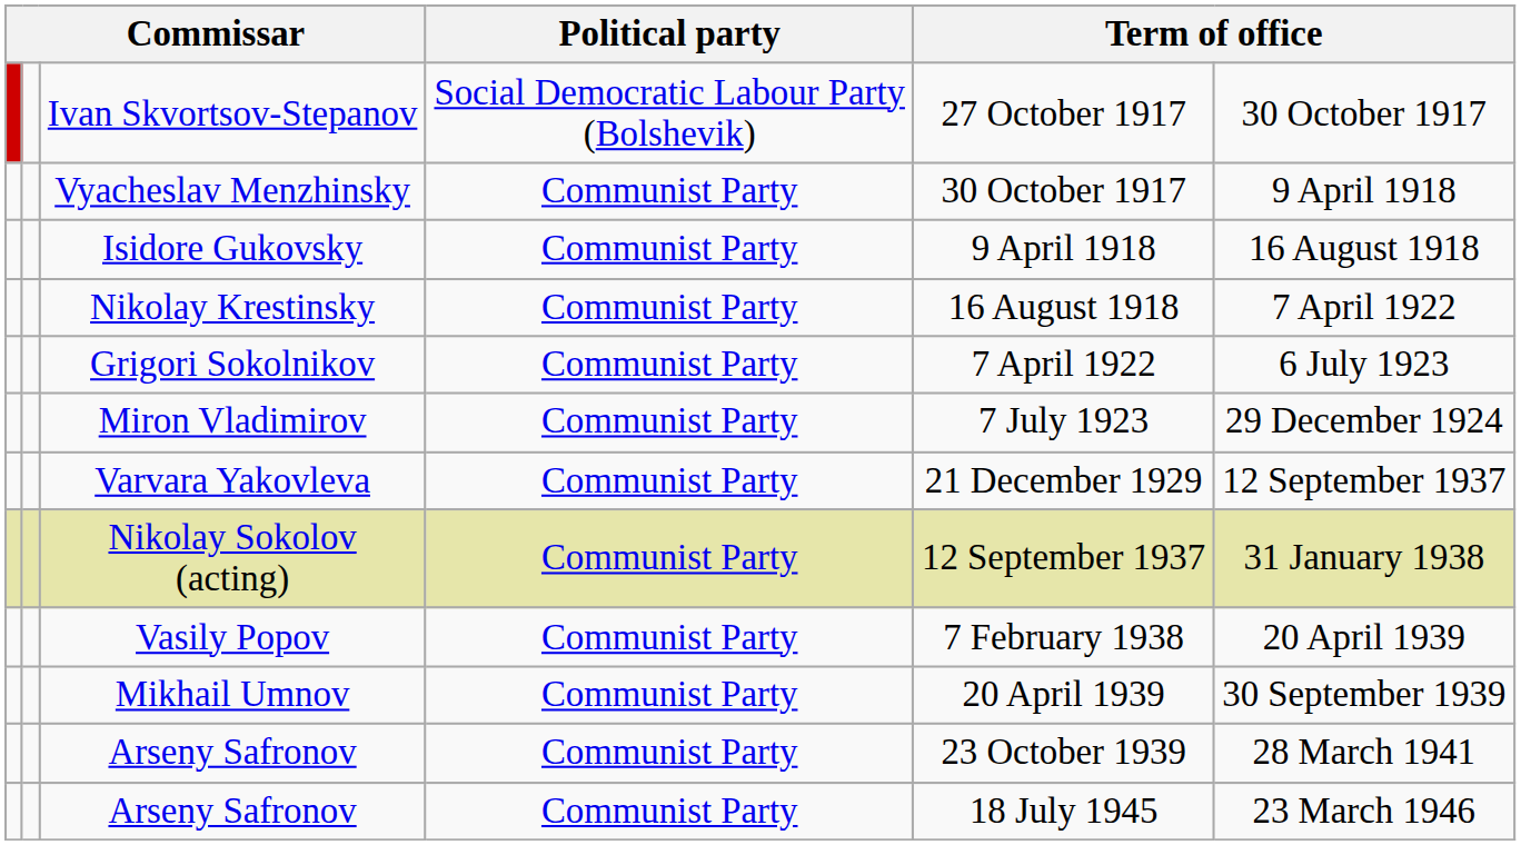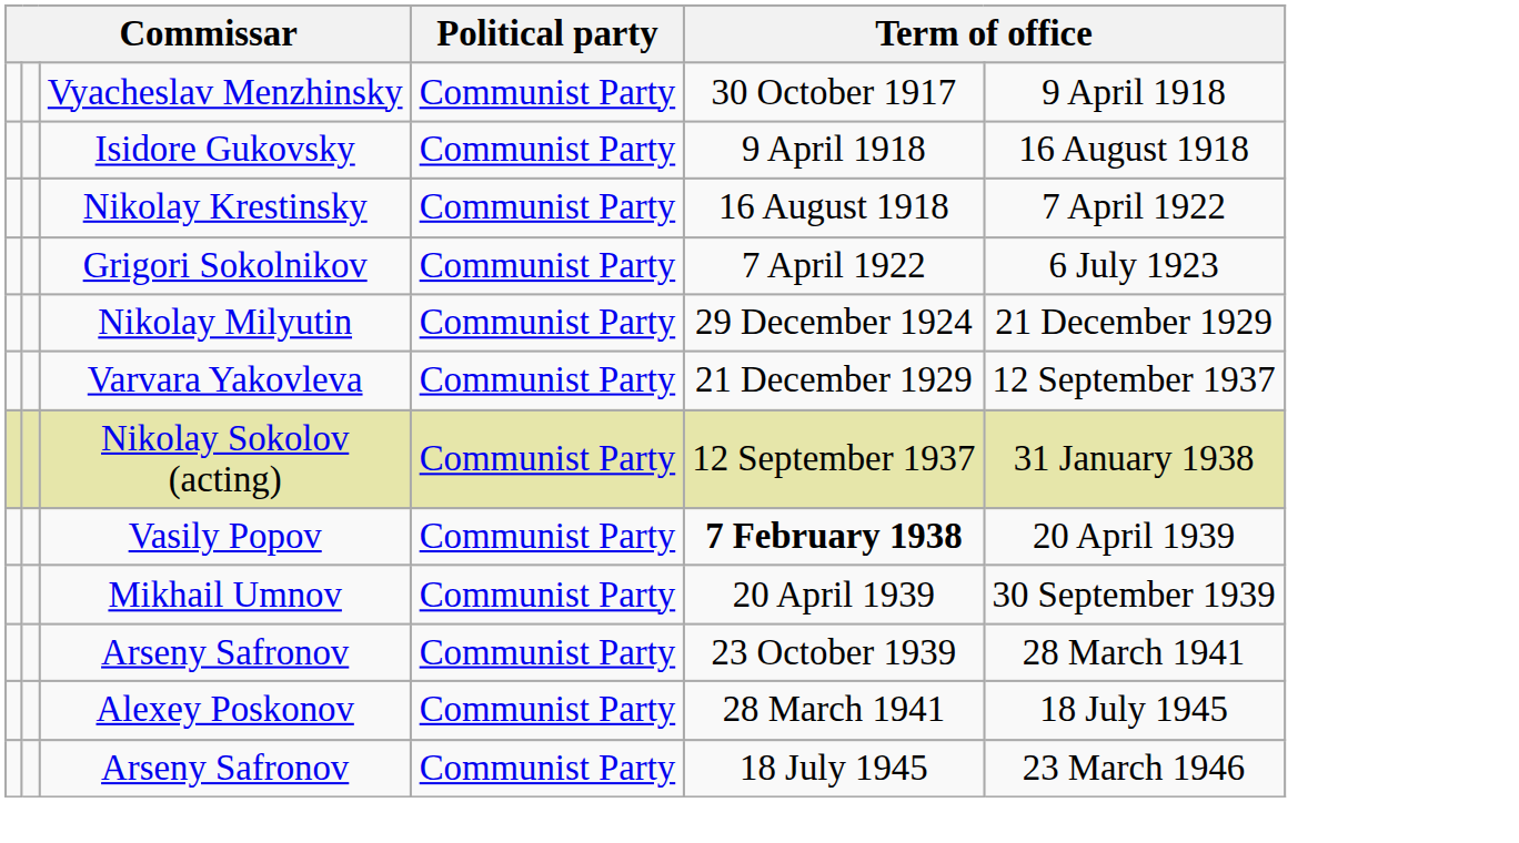 <table class="wikitable" style="text-align:center;">
 <tr>
 <th colspan=3>Commissar</th>
 <th>Political party</th>
 <th colspan=2>Term of office</th>
-</tr>
-<tr>
-<td style="background: #CE0000;"></td>
-<td></td>
-<td><a href='#'>Ivan Skvortsov-Stepanov</a></td>
-<td><a href='#'>Social Democratic Labour Party</a><br>(<a href='#'>Bolshevik</a>)</td>
-<td>27 October 1917</td>
-<td>30 October 1917</td>
 </tr>
 <tr>
 <td style="background: "></td>
 <td></td>
 <td><a href='#'>Vyacheslav Menzhinsky</a></td>
 <td><a href='#'>Communist Party</a></td>
 <td>30 October 1917</td>
 <td>9 April 1918</td>
 </tr>
 <tr>
 <td style="background: "></td>
 <td></td>
 <td><a href='#'>Isidore Gukovsky</a></td>
 <td><a href='#'>Communist Party</a></td>
 <td>9 April 1918</td>
 <td>16 August 1918</td>
 </tr>
 <tr>
 <td style="background: "></td>
 <td></td>
 <td><a href='#'>Nikolay Krestinsky</a></td>
 <td><a href='#'>Communist Party</a></td>
 <td>16 August 1918</td>
 <td>7 April 1922</td>
 </tr>
 <tr>
 <td style="background: "></td>
 <td></td>
 <td><a href='#'>Grigori Sokolnikov</a></td>
 <td><a href='#'>Communist Party</a></td>
 <td>7 April 1922</td>
 <td>6 July 1923</td>
 </tr>
 <tr>
 <td style="background: "></td>
 <td></td>
-<td><a href='#'>Miron Vladimirov</a></td>
+<td><a href='#'>Nikolay Milyutin</a></td>
 <td><a href='#'>Communist Party</a></td>
-<td>7 July 1923</td>
 <td>29 December 1924</td>
+<td>21 December 1929</td>
 </tr>
 <tr>
 <td style="background: "></td>
 <td></td>
 <td><a href='#'>Varvara Yakovleva</a></td>
 <td><a href='#'>Communist Party</a></td>
 <td>21 December 1929</td>
 <td>12 September 1937</td>
 </tr>
 <tr bgcolor=#E6E6AA>
 <td style="background: "></td>
 <td></td>
 <td><a href='#'>Nikolay Sokolov</a><br>(acting)</td>
 <td><a href='#'>Communist Party</a></td>
 <td>12 September 1937</td>
 <td>31 January 1938</td>
 </tr>
 <tr>
 <td style="background: "></td>
 <td></td>
 <td><a href='#'>Vasily Popov</a></td>
 <td><a href='#'>Communist Party</a></td>
-<td>7 February 1938</td>
+<td><strong>7 February 1938</strong></td>
 <td>20 April 1939</td>
 </tr>
 <tr>
 <td style="background: "></td>
 <td></td>
 <td><a href='#'>Mikhail Umnov</a></td>
 <td><a href='#'>Communist Party</a></td>
 <td>20 April 1939</td>
 <td>30 September 1939</td>
 </tr>
 <tr>
 <td style="background: "></td>
 <td></td>
 <td><a href='#'>Arseny Safronov</a></td>
 <td><a href='#'>Communist Party</a></td>
 <td>23 October 1939</td>
 <td>28 March 1941</td>
 </tr>
 <tr>
 <td style="background: "></td>
 <td></td>
+<td><a href='#'>Alexey Poskonov</a></td>
+<td><a href='#'>Communist Party</a></td>
+<td>28 March 1941</td>
+<td>18 July 1945</td>
+</tr>
+<tr>
+<td style="background: "></td>
+<td></td>
 <td><a href='#'>Arseny Safronov</a></td>
 <td><a href='#'>Communist Party</a></td>
 <td>18 July 1945</td>
 <td>23 March 1946</td>
 </tr>
 </table>
